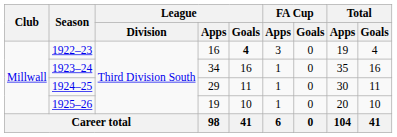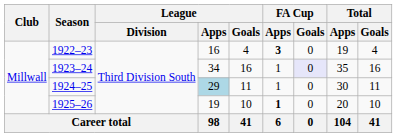 <table class="wikitable" style="text-align: center;">
 <tr>
 <th rowspan="2">Club</th>
 <th rowspan="2">Season</th>
 <th colspan="3">League</th>
 <th colspan="2">FA Cup</th>
 <th colspan="2">Total</th>
 </tr>
 <tr>
 <th>Division</th>
 <th>Apps</th>
 <th>Goals</th>
 <th>Apps</th>
 <th>Goals</th>
 <th>Apps</th>
 <th>Goals</th>
 </tr>
 <tr>
 <td rowspan="4"><a href='#'>Millwall</a></td>
 <td><a href='#'>1922–23</a></td>
 <td rowspan="4"><a href='#'>Third Division South</a></td>
 <td>16</td>
-<td><strong>4</strong></td>
-<td>3</td>
+<td>4</td>
+<td><strong>3</strong></td>
 <td>0</td>
 <td>19</td>
 <td>4</td>
 </tr>
 <tr>
 <td><a href='#'>1923–24</a></td>
 <td>34</td>
 <td>16</td>
 <td>1</td>
-<td>0</td>
+<td style="background: lavender;">0</td>
 <td>35</td>
 <td>16</td>
 </tr>
 <tr>
 <td><a href='#'>1924–25</a></td>
-<td>29</td>
+<td style="background: lightblue;">29</td>
 <td>11</td>
 <td>1</td>
 <td>0</td>
 <td>30</td>
 <td>11</td>
 </tr>
 <tr>
 <td><a href='#'>1925–26</a></td>
 <td>19</td>
 <td>10</td>
-<td>1</td>
+<td><strong>1</strong></td>
 <td>0</td>
 <td>20</td>
 <td>10</td>
 </tr>
 <tr>
 <th colspan="3">Career total</th>
 <th>98</th>
 <th>41</th>
 <th>6</th>
 <th>0</th>
 <th>104</th>
 <th>41</th>
 </tr>
 </table>
